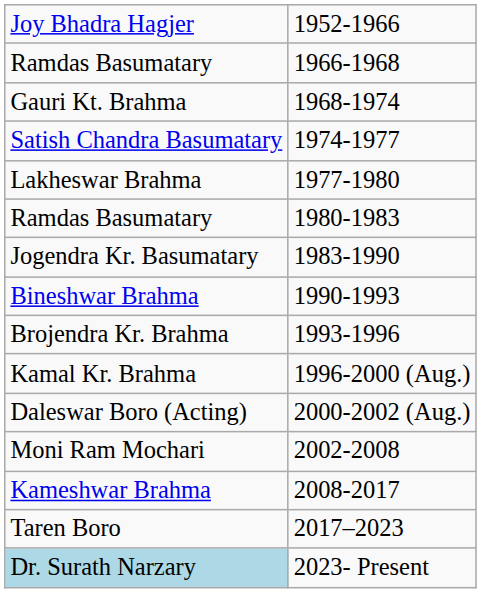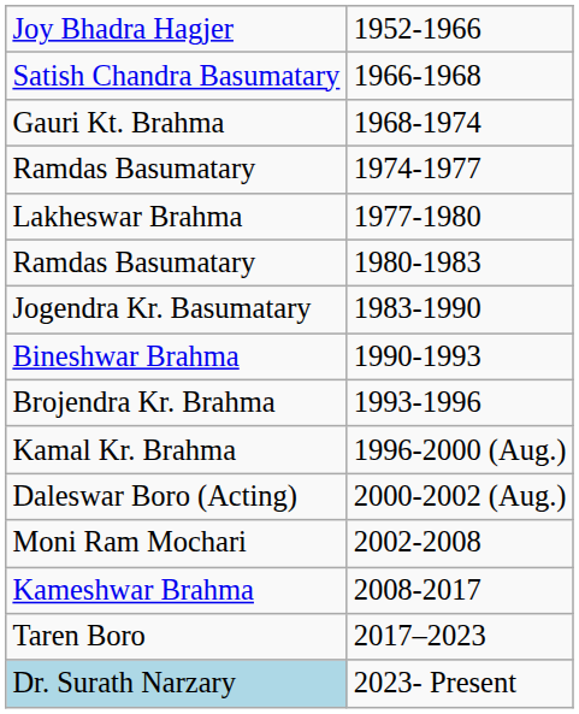 <table class="wikitable" border="1">
 <tr>
 <td><a href='#'>Joy Bhadra Hagjer</a></td>
 <td>1952-1966</td>
 </tr>
 <tr>
-<td>Ramdas Basumatary</td>
+<td><a href='#'>Satish Chandra Basumatary</a></td>
 <td>1966-1968</td>
 </tr>
 <tr>
 <td>Gauri Kt. Brahma</td>
 <td>1968-1974</td>
 </tr>
 <tr>
-<td><a href='#'>Satish Chandra Basumatary</a></td>
+<td>Ramdas Basumatary</td>
 <td>1974-1977</td>
 </tr>
 <tr>
 <td>Lakheswar Brahma</td>
 <td>1977-1980</td>
 </tr>
 <tr>
 <td>Ramdas Basumatary</td>
 <td>1980-1983</td>
 </tr>
 <tr>
 <td>Jogendra Kr. Basumatary</td>
 <td>1983-1990</td>
 </tr>
 <tr>
 <td><a href='#'>Bineshwar Brahma</a></td>
 <td>1990-1993</td>
 </tr>
 <tr>
 <td>Brojendra Kr. Brahma</td>
 <td>1993-1996</td>
 </tr>
 <tr>
 <td>Kamal Kr. Brahma</td>
 <td>1996-2000 (Aug.)</td>
 </tr>
 <tr>
 <td>Daleswar Boro (Acting)</td>
 <td>2000-2002 (Aug.)</td>
 </tr>
 <tr>
 <td>Moni Ram Mochari</td>
 <td>2002-2008</td>
 </tr>
 <tr>
 <td><a href='#'>Kameshwar Brahma</a></td>
 <td>2008-2017</td>
 </tr>
 <tr>
 <td>Taren Boro</td>
 <td>2017–2023</td>
 </tr>
 <tr>
 <td style="background: lightblue;">Dr. Surath Narzary</td>
 <td>2023- Present</td>
 </tr>
 </table>
